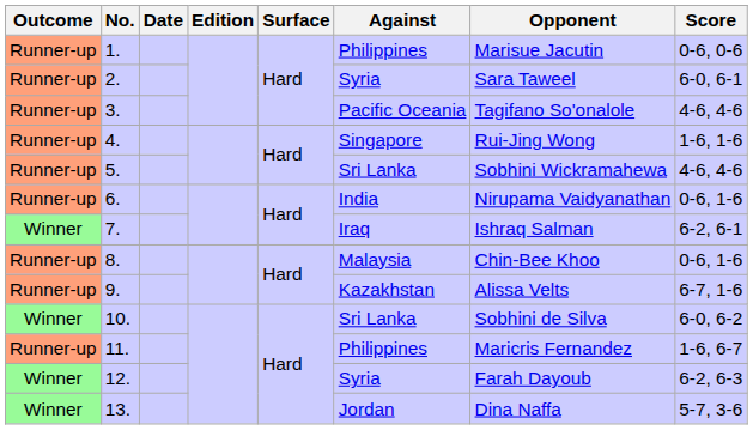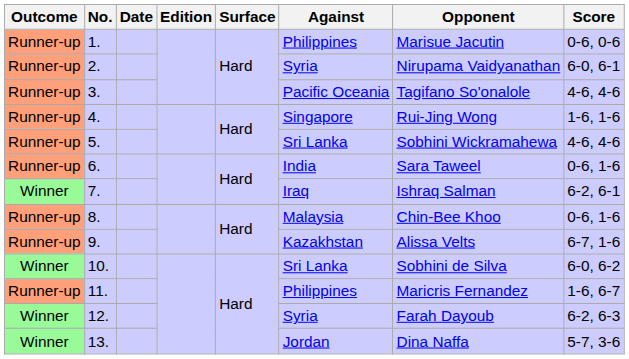 <table class="wikitable" style="font-size:97%">
 <tr>
 <th>Outcome</th>
 <th>No.</th>
 <th>Date</th>
 <th>Edition</th>
 <th>Surface</th>
 <th>Against</th>
 <th>Opponent</th>
 <th>Score</th>
 </tr>
 <tr style="background:#ccf;">
 <td style="text-align:center; background:#ffa07a;">Runner-up</td>
 <td>1.</td>
 <td></td>
 <td rowspan="3"></td>
 <td rowspan="3">Hard</td>
 <td><a href='#'>Philippines</a></td>
 <td> <a href='#'>Marisue Jacutin</a></td>
 <td>0-6, 0-6</td>
 </tr>
 <tr style="background:#ccf;">
 <td style="text-align:center; background:#ffa07a;">Runner-up</td>
 <td>2.</td>
 <td></td>
 <td><a href='#'>Syria</a></td>
-<td> <a href='#'>Sara Taweel</a></td>
+<td> <a href='#'>Nirupama Vaidyanathan</a></td>
 <td>6-0, 6-1</td>
 </tr>
 <tr style="background:#ccf;">
 <td style="text-align:center; background:#ffa07a;">Runner-up</td>
 <td>3.</td>
 <td></td>
 <td><a href='#'>Pacific Oceania</a></td>
 <td> <a href='#'>Tagifano So'onalole</a></td>
 <td>4-6, 4-6</td>
 </tr>
 <tr style="background:#ccf;">
 <td style="text-align:center; background:#ffa07a;">Runner-up</td>
 <td>4.</td>
 <td></td>
 <td rowspan="2"></td>
 <td rowspan="2">Hard</td>
 <td><a href='#'>Singapore</a></td>
 <td> <a href='#'>Rui-Jing Wong</a></td>
 <td>1-6, 1-6</td>
 </tr>
 <tr style="background:#ccf;">
 <td style="text-align:center; background:#ffa07a;">Runner-up</td>
 <td>5.</td>
 <td></td>
 <td><a href='#'>Sri Lanka</a></td>
 <td> <a href='#'>Sobhini Wickramahewa</a></td>
 <td>4-6, 4-6</td>
 </tr>
 <tr style="background:#ccf;">
 <td style="text-align:center; background:#ffa07a;">Runner-up</td>
 <td>6.</td>
 <td></td>
 <td rowspan="2"></td>
 <td rowspan="2">Hard</td>
 <td><a href='#'>India</a></td>
-<td> <a href='#'>Nirupama Vaidyanathan</a></td>
+<td> <a href='#'>Sara Taweel</a></td>
 <td>0-6, 1-6</td>
 </tr>
 <tr style="background:#ccf;">
 <td style="text-align:center; background:#98fb98;">Winner</td>
 <td>7.</td>
 <td></td>
 <td><a href='#'>Iraq</a></td>
 <td> <a href='#'>Ishraq Salman</a></td>
 <td>6-2, 6-1</td>
 </tr>
 <tr style="background:#ccf;">
 <td style="text-align:center; background:#ffa07a;">Runner-up</td>
 <td>8.</td>
 <td></td>
 <td rowspan="2"></td>
 <td rowspan="2">Hard</td>
 <td><a href='#'>Malaysia</a></td>
 <td> <a href='#'>Chin-Bee Khoo</a></td>
 <td>0-6, 1-6</td>
 </tr>
 <tr style="background:#ccf;">
 <td style="text-align:center; background:#ffa07a;">Runner-up</td>
 <td>9.</td>
 <td></td>
 <td><a href='#'>Kazakhstan</a></td>
 <td> <a href='#'>Alissa Velts</a></td>
 <td>6-7, 1-6</td>
 </tr>
 <tr style="background:#ccf;">
 <td style="text-align:center; background:#98fb98;">Winner</td>
 <td>10.</td>
 <td></td>
 <td rowspan="4"></td>
 <td rowspan="4">Hard</td>
 <td><a href='#'>Sri Lanka</a></td>
 <td> <a href='#'>Sobhini de Silva</a></td>
 <td>6-0, 6-2</td>
 </tr>
 <tr style="background:#ccf;">
 <td style="text-align:center; background:#ffa07a;">Runner-up</td>
 <td>11.</td>
 <td></td>
 <td><a href='#'>Philippines</a></td>
 <td> <a href='#'>Maricris Fernandez</a></td>
 <td>1-6, 6-7</td>
 </tr>
 <tr style="background:#ccf;">
 <td style="text-align:center; background:#98fb98;">Winner</td>
 <td>12.</td>
 <td></td>
 <td><a href='#'>Syria</a></td>
 <td> <a href='#'>Farah Dayoub</a></td>
 <td>6-2, 6-3</td>
 </tr>
 <tr style="background:#ccf;">
 <td style="text-align:center; background:#98fb98;">Winner</td>
 <td>13.</td>
 <td></td>
 <td><a href='#'>Jordan</a></td>
 <td> <a href='#'>Dina Naffa</a></td>
 <td>5-7, 3-6</td>
 </tr>
 </table>
